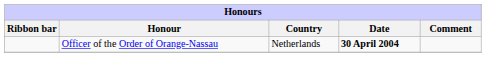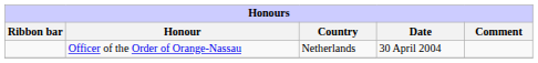 <table class="wikitable" style="width:60%;">
 <tr style="background:#ccf; text-align:center;">
 <td colspan=5><strong>Honours</strong></td>
 </tr>
 <tr>
 <th style="width:80px;">Ribbon bar</th>
 <th>Honour</th>
 <th>Country</th>
 <th>Date</th>
 <th>Comment</th>
 </tr>
 <tr>
 <td></td>
 <td><a href='#'>Officer</a> of the <a href='#'>Order of Orange-Nassau</a></td>
 <td>Netherlands</td>
-<td><strong>30 April 2004</strong></td>
+<td>30 April 2004</td>
 <td></td>
 </tr>
 <tr>
 </tr>
 </table>
